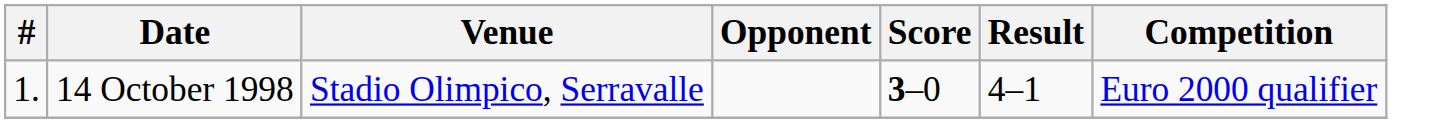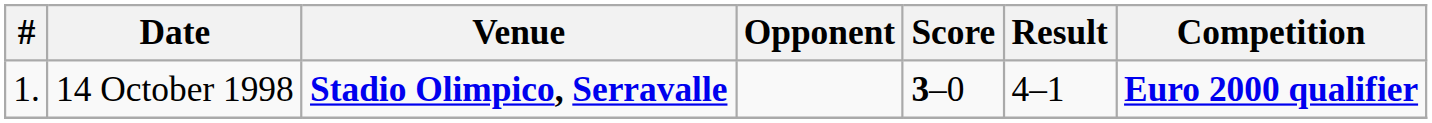 <table class="wikitable">
 <tr>
 <th>#</th>
 <th>Date</th>
 <th>Venue</th>
 <th>Opponent</th>
 <th>Score</th>
 <th>Result</th>
 <th>Competition</th>
 </tr>
 <tr>
 <td>1.</td>
 <td>14 October 1998</td>
-<td><a href='#'>Stadio Olimpico</a>, <a href='#'>Serravalle</a></td>
+<td><strong><a href='#'>Stadio Olimpico</a>, <a href='#'>Serravalle</a></strong></td>
 <td></td>
 <td><strong>3</strong>–0</td>
 <td>4–1</td>
-<td><a href='#'>Euro 2000 qualifier</a></td>
+<td><strong><a href='#'>Euro 2000 qualifier</a></strong></td>
 </tr>
 <tr>
 </tr>
 </table>
